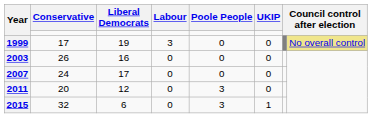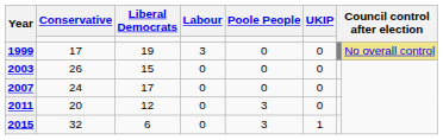 <table class="wikitable plainrowheaders" style="text-align:center">
 <tr>
 <th scope="col" rowspan="2">Year</th>
 <th scope="col"><a href='#'>Conservative</a></th>
 <th scope="col" style="width:1px"><a href='#'>Liberal Democrats</a></th>
 <th scope="col"><a href='#'>Labour</a></th>
 <th scope="col"><a href='#'>Poole People</a></th>
 <th scope="col"><a href='#'>UKIP</a></th>
 <th scope="col" rowspan="2" colspan="2">Council control<br>after election</th>
 </tr>
 <tr>
 <td style="background:"></td>
 <td style="background:"></td>
 <td style="background:"></td>
 <td style="background:"></td>
 <td style="background:"></td>
 </tr>
 <tr>
 <th scope="row"><a href='#'>1999</a></th>
 <td>17</td>
 <td>19</td>
 <td>3</td>
 <td>0</td>
 <td>0</td>
 <td bgcolor=grey></td>
 <td style="background: khaki;"><a href='#'>No overall control</a></td>
 </tr>
 <tr>
 <th scope="row"><a href='#'>2003</a></th>
 <td>26</td>
-<td>16</td>
+<td>15</td>
 <td>0</td>
 <td>0</td>
 <td>0</td>
 <td></td>
 </tr>
 <tr>
 <th scope="row"><a href='#'>2007</a></th>
 <td>24</td>
 <td>17</td>
 <td>0</td>
 <td>0</td>
 <td>0</td>
 <td></td>
 </tr>
 <tr>
 <th scope="row"><a href='#'>2011</a></th>
 <td>20</td>
 <td>12</td>
 <td>0</td>
 <td>3</td>
 <td>0</td>
 <td></td>
 </tr>
 <tr>
 <th scope="row"><a href='#'>2015</a></th>
 <td>32</td>
 <td>6</td>
 <td>0</td>
 <td>3</td>
 <td>1</td>
 <td></td>
 </tr>
 </table>
